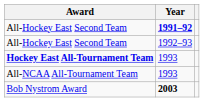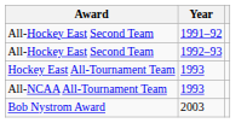 <table class="wikitable">
 <tr>
 <th>Award</th>
 <th>Year</th>
 <th></th>
 </tr>
 <tr>
 <td>All-<a href='#'>Hockey East</a> <a href='#'>Second Team</a></td>
-<td><strong><a href='#'>1991–92</a></strong></td>
+<td><a href='#'>1991–92</a></td>
 <td></td>
 </tr>
 <tr>
 <td>All-<a href='#'>Hockey East</a> <a href='#'>Second Team</a></td>
 <td><a href='#'>1992–93</a></td>
 <td></td>
 </tr>
 <tr>
-<td><strong><a href='#'>Hockey East</a> <a href='#'>All-Tournament Team</a></strong></td>
+<td><a href='#'>Hockey East</a> <a href='#'>All-Tournament Team</a></td>
 <td><a href='#'>1993</a></td>
 <td></td>
 </tr>
 <tr>
 <td>All-<a href='#'>NCAA</a> <a href='#'>All-Tournament Team</a></td>
 <td><a href='#'>1993</a></td>
 <td></td>
 </tr>
 <tr>
 <td><a href='#'>Bob Nystrom Award</a></td>
-<td><strong>2003</strong></td>
+<td>2003</td>
 <td></td>
 </tr>
 </table>
